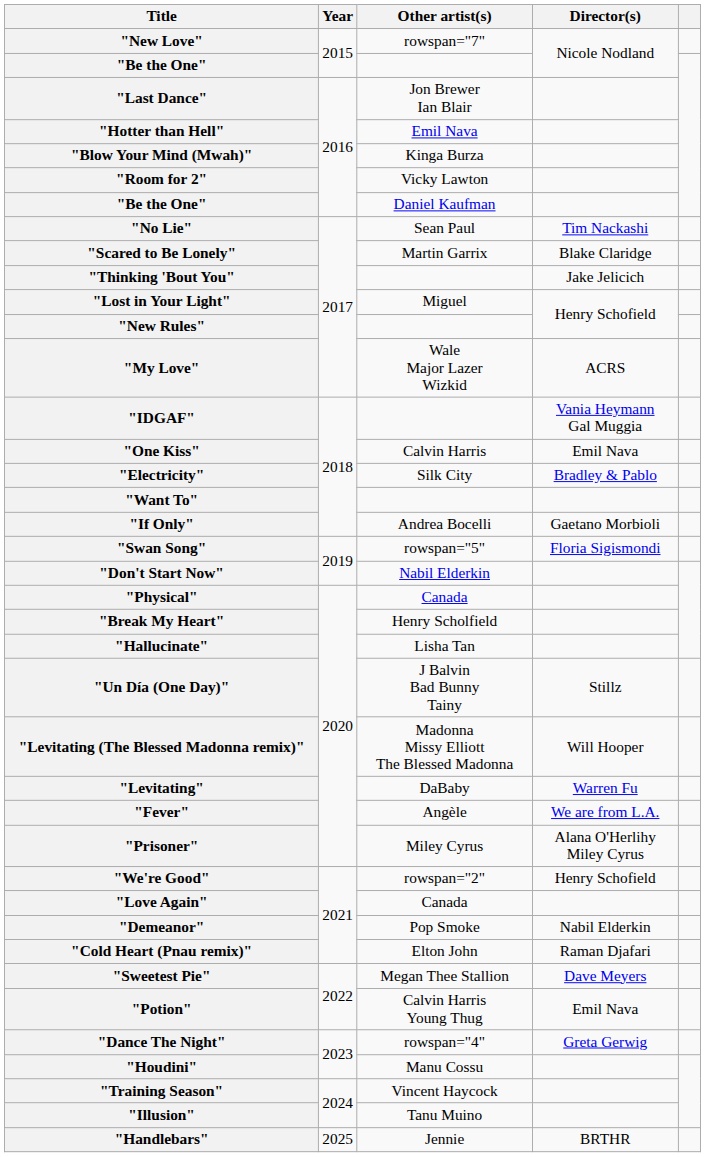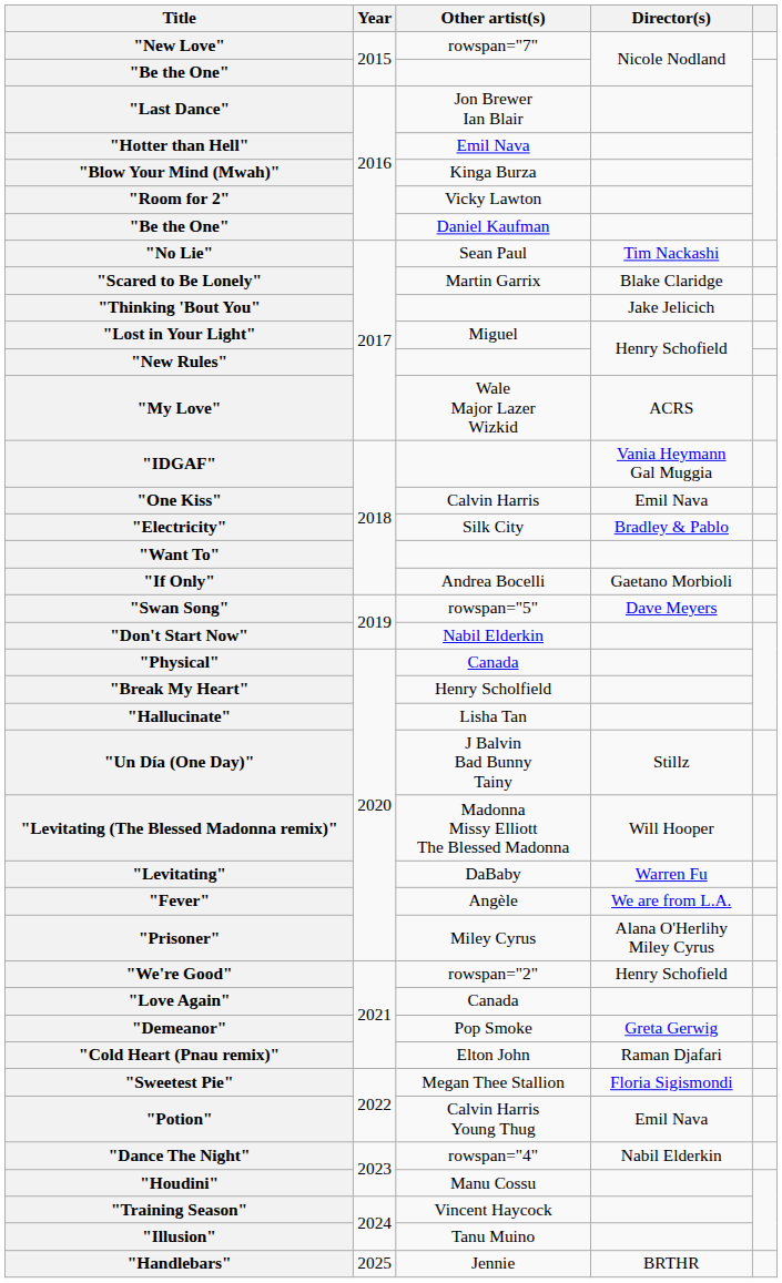 <table class="wikitable plainrowheaders" style="text-align:center;">
 <tr>
 <th scope="col" style="width: 20em;">Title</th>
 <th scope="col" style="width: 1em;">Year</th>
 <th scope="col" style="width: 11em;">Other artist(s)</th>
 <th scope="col" style="width: 9em;">Director(s)</th>
 <th scope="col" style="width: 1em;"></th>
 </tr>
 <tr>
 <th scope="row">"New Love"</th>
 <td rowspan="2">2015</td>
 <td>rowspan="7" </td>
 <td rowspan="2">Nicole Nodland</td>
 <td></td>
 </tr>
 <tr>
 <th scope="row">"Be the One"</th>
 <td></td>
 </tr>
 <tr>
 <th scope="row">"Last Dance"</th>
 <td rowspan="5">2016</td>
 <td>Jon Brewer <br> Ian Blair</td>
 <td></td>
 </tr>
 <tr>
 <th scope="row">"Hotter than Hell"</th>
 <td><a href='#'>Emil Nava</a></td>
 <td></td>
 </tr>
 <tr>
 <th scope="row">"Blow Your Mind (Mwah)"</th>
 <td>Kinga Burza</td>
 <td></td>
 </tr>
 <tr>
 <th scope="row">"Room for 2"</th>
 <td>Vicky Lawton</td>
 <td></td>
 </tr>
 <tr>
 <th scope="row">"Be the One"</th>
 <td><a href='#'>Daniel Kaufman</a></td>
 <td></td>
 </tr>
 <tr>
 <th scope="row">"No Lie"</th>
 <td rowspan="6">2017</td>
 <td>Sean Paul</td>
 <td><a href='#'>Tim Nackashi</a></td>
 <td></td>
 </tr>
 <tr>
 <th scope="row">"Scared to Be Lonely"</th>
 <td>Martin Garrix</td>
 <td>Blake Claridge</td>
 <td></td>
 </tr>
 <tr>
 <th scope="row">"Thinking 'Bout You"</th>
 <td></td>
 <td>Jake Jelicich</td>
 <td></td>
 </tr>
 <tr>
 <th scope="row">"Lost in Your Light"</th>
 <td>Miguel</td>
 <td rowspan="2">Henry Schofield</td>
 <td></td>
 </tr>
 <tr>
 <th scope="row">"New Rules"</th>
 <td></td>
 <td></td>
 </tr>
 <tr>
 <th scope="row">"My Love"</th>
 <td>Wale <br> Major Lazer <br> Wizkid</td>
 <td>ACRS</td>
 <td></td>
 </tr>
 <tr>
 <th scope="row">"IDGAF"</th>
 <td rowspan="5">2018</td>
 <td></td>
 <td><a href='#'>Vania Heymann</a> <br> Gal Muggia</td>
 <td></td>
 </tr>
 <tr>
 <th scope="row">"One Kiss"</th>
 <td>Calvin Harris</td>
 <td>Emil Nava</td>
 <td></td>
 </tr>
 <tr>
 <th scope="row">"Electricity"</th>
 <td>Silk City</td>
 <td><a href='#'>Bradley & Pablo</a></td>
 <td></td>
 </tr>
 <tr>
 <th scope="row">"Want To"</th>
 <td></td>
 <td></td>
 <td></td>
 </tr>
 <tr>
 <th scope="row">"If Only"</th>
 <td>Andrea Bocelli</td>
 <td>Gaetano Morbioli</td>
 <td></td>
 </tr>
 <tr>
 <th scope="row">"Swan Song"</th>
 <td rowspan="2">2019</td>
 <td>rowspan="5" </td>
-<td><a href='#'>Floria Sigismondi</a></td>
+<td><a href='#'>Dave Meyers</a></td>
 <td></td>
 </tr>
 <tr>
 <th scope="row">"Don't Start Now"</th>
 <td><a href='#'>Nabil Elderkin</a></td>
 <td></td>
 </tr>
 <tr>
 <th scope="row">"Physical"</th>
 <td rowspan="8">2020</td>
 <td><a href='#'>Canada</a></td>
 <td></td>
 </tr>
 <tr>
 <th scope="row">"Break My Heart"</th>
 <td>Henry Scholfield</td>
 <td></td>
 </tr>
 <tr>
 <th scope="row">"Hallucinate"</th>
 <td>Lisha Tan</td>
 <td></td>
 </tr>
 <tr>
 <th scope="row">"Un Día (One Day)"</th>
 <td>J Balvin <br> Bad Bunny <br> Tainy</td>
 <td>Stillz</td>
 <td></td>
 </tr>
 <tr>
 <th scope="row">"Levitating (The Blessed Madonna remix)"</th>
 <td>Madonna <br> Missy Elliott <br> The Blessed Madonna</td>
 <td>Will Hooper</td>
 <td></td>
 </tr>
 <tr>
 <th scope="row">"Levitating"</th>
 <td>DaBaby</td>
 <td><a href='#'>Warren Fu</a></td>
 <td></td>
 </tr>
 <tr>
 <th scope="row">"Fever"</th>
 <td>Angèle</td>
 <td><a href='#'>We are from L.A.</a></td>
 <td></td>
 </tr>
 <tr>
 <th scope="row">"Prisoner"</th>
 <td>Miley Cyrus</td>
 <td>Alana O'Herlihy <br> Miley Cyrus</td>
 <td></td>
 </tr>
 <tr>
 <th scope="row">"We're Good"</th>
 <td rowspan="4">2021</td>
 <td>rowspan="2" </td>
 <td>Henry Schofield</td>
 <td></td>
 </tr>
 <tr>
 <th scope="row">"Love Again"</th>
 <td>Canada</td>
 <td></td>
 </tr>
 <tr>
 <th scope="row">"Demeanor"</th>
 <td>Pop Smoke</td>
-<td>Nabil Elderkin</td>
+<td><a href='#'>Greta Gerwig</a></td>
 <td></td>
 </tr>
 <tr>
 <th scope="row">"Cold Heart (Pnau remix)"</th>
 <td>Elton John</td>
 <td>Raman Djafari</td>
 <td></td>
 </tr>
 <tr>
 <th scope="row">"Sweetest Pie"</th>
 <td rowspan="2">2022</td>
 <td>Megan Thee Stallion</td>
-<td><a href='#'>Dave Meyers</a></td>
+<td><a href='#'>Floria Sigismondi</a></td>
 <td></td>
 </tr>
 <tr>
 <th scope="row">"Potion"</th>
 <td>Calvin Harris <br> Young Thug</td>
 <td>Emil Nava</td>
 <td></td>
 </tr>
 <tr>
 <th scope="row">"Dance The Night"</th>
 <td rowspan="2">2023</td>
 <td>rowspan="4" </td>
-<td><a href='#'>Greta Gerwig</a></td>
+<td>Nabil Elderkin</td>
 <td></td>
 </tr>
 <tr>
 <th scope="row">"Houdini"</th>
 <td>Manu Cossu</td>
 <td></td>
 </tr>
 <tr>
 <th scope="row">"Training Season"</th>
 <td rowspan="2">2024</td>
 <td>Vincent Haycock</td>
 <td></td>
 </tr>
 <tr>
 <th scope="row">"Illusion"</th>
 <td>Tanu Muino</td>
 <td></td>
 </tr>
 <tr>
 <th scope="row">"Handlebars"</th>
 <td>2025</td>
 <td>Jennie</td>
 <td>BRTHR</td>
 <td></td>
 </tr>
 </table>
